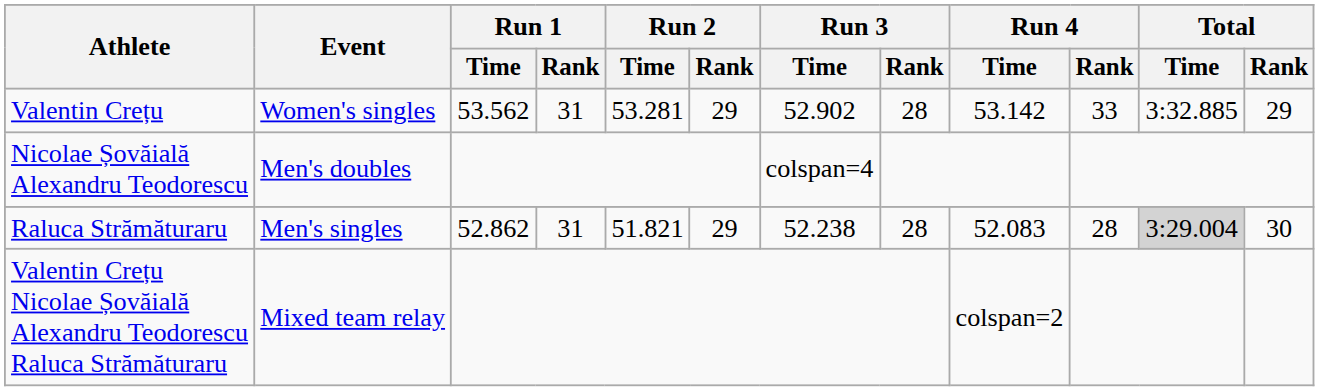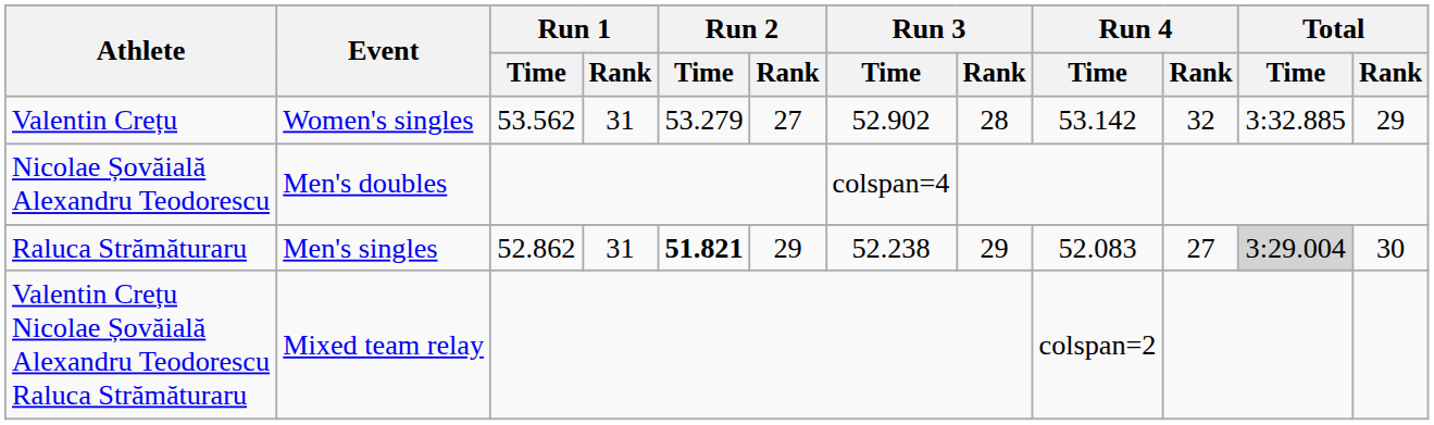 <table class="wikitable" style="font-size:90%">
 <tr>
 <th rowspan="2">Athlete</th>
 <th rowspan="2">Event</th>
 <th colspan="2">Run 1</th>
 <th colspan="2">Run 2</th>
 <th colspan="2">Run 3</th>
 <th colspan="2">Run 4</th>
 <th colspan="2">Total</th>
 </tr>
 <tr style="font-size:95%">
 <th>Time</th>
 <th>Rank</th>
 <th>Time</th>
 <th>Rank</th>
 <th>Time</th>
 <th>Rank</th>
 <th>Time</th>
 <th>Rank</th>
 <th>Time</th>
 <th>Rank</th>
 </tr>
 <tr align=center>
 <td align=left><a href='#'>Valentin Crețu</a></td>
 <td align=left><a href='#'>Women's singles</a></td>
 <td>53.562</td>
 <td>31</td>
-<td>53.281</td>
-<td>29</td>
+<td>53.279</td>
+<td>27</td>
 <td>52.902</td>
 <td>28</td>
 <td>53.142</td>
-<td>33</td>
+<td>32</td>
 <td>3:32.885</td>
 <td>29</td>
 </tr>
 <tr align=center>
 <td align=left><a href='#'>Nicolae Șovăială</a><br><a href='#'>Alexandru Teodorescu</a></td>
 <td align=left><a href='#'>Men's doubles</a></td>
 <td colspan="4"></td>
 <td>colspan=4 </td>
 <td colspan="2"></td>
 </tr>
 <tr align=center>
 <td align=left><a href='#'>Raluca Strămăturaru</a></td>
 <td align=left><a href='#'>Men's singles</a></td>
 <td>52.862</td>
 <td>31</td>
-<td>51.821</td>
+<td><strong>51.821</strong></td>
 <td>29</td>
 <td>52.238</td>
-<td>28</td>
+<td>29</td>
 <td>52.083</td>
-<td>28</td>
+<td>27</td>
 <td style="background: lightgrey;">3:29.004</td>
 <td>30</td>
 </tr>
 <tr align=center>
 <td align=left><a href='#'>Valentin Crețu</a><br><a href='#'>Nicolae Șovăială</a><br><a href='#'>Alexandru Teodorescu</a><br><a href='#'>Raluca Strămăturaru</a></td>
 <td align=left><a href='#'>Mixed team relay</a></td>
 <td colspan=6></td>
 <td>colspan=2 </td>
 <td colspan="2"></td>
 </tr>
 </table>
